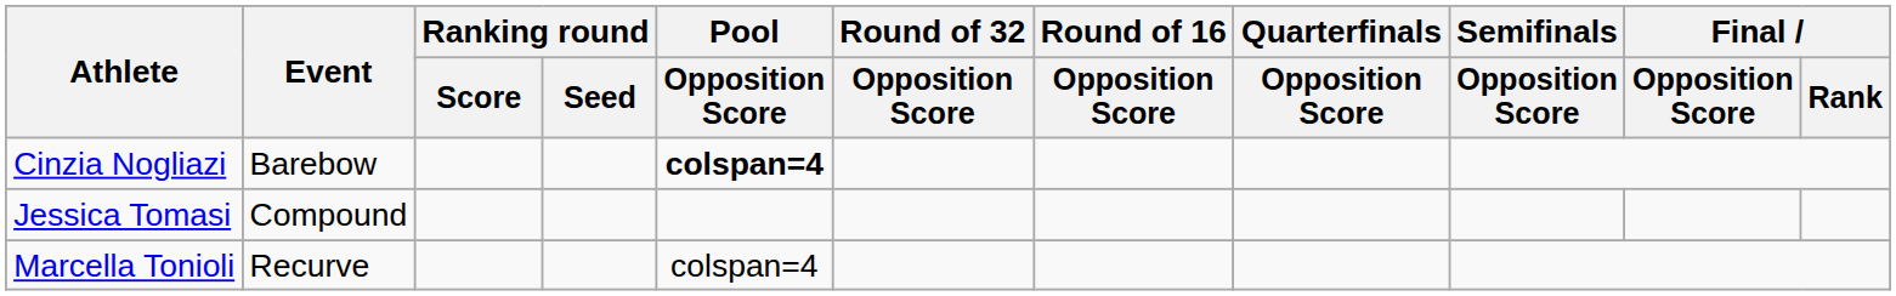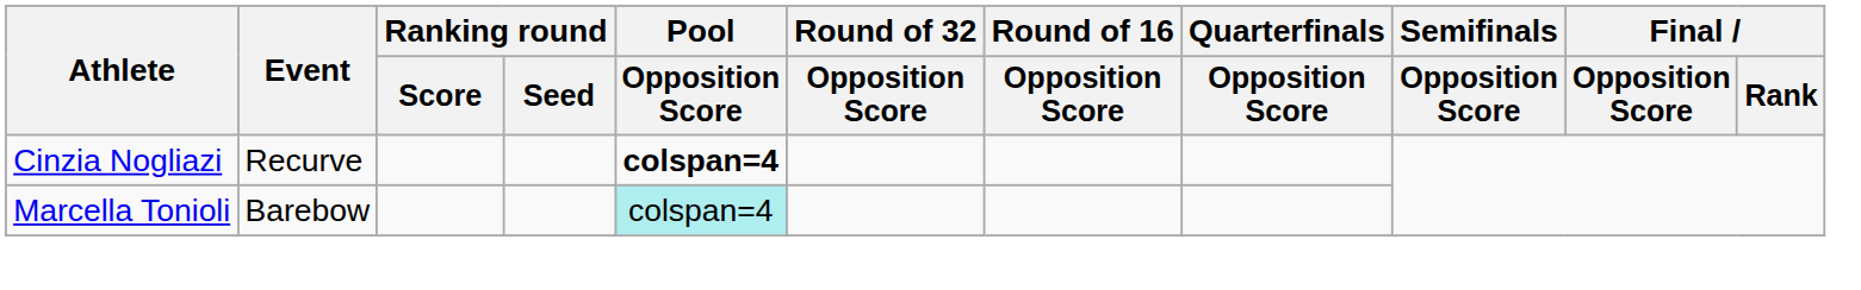 <table class=wikitable style="font-size:90%">
 <tr>
 <th rowspan="2">Athlete</th>
 <th rowspan="2">Event</th>
 <th colspan="2">Ranking round</th>
 <th>Pool</th>
 <th>Round of 32</th>
 <th>Round of 16</th>
 <th>Quarterfinals</th>
 <th>Semifinals</th>
 <th colspan="2">Final / </th>
 </tr>
 <tr style="font-size:95%">
 <th>Score</th>
 <th>Seed</th>
 <th>Opposition<br>Score</th>
 <th>Opposition<br>Score</th>
 <th>Opposition<br>Score</th>
 <th>Opposition<br>Score</th>
 <th>Opposition<br>Score</th>
 <th>Opposition<br>Score</th>
 <th>Rank</th>
 </tr>
 <tr align=center>
 <td align=left><a href='#'>Cinzia Nogliazi</a></td>
-<td align=left>Barebow</td>
+<td align=left>Recurve</td>
 <td></td>
 <td></td>
 <td><strong>colspan=4 </strong></td>
 <td></td>
 <td></td>
 <td></td>
 </tr>
 <tr align=center>
-<td align=left><a href='#'>Jessica Tomasi</a></td>
-<td align=left>Compound</td>
+<td align=left><a href='#'>Marcella Tonioli</a></td>
+<td align=left>Barebow</td>
 <td></td>
 <td></td>
-<td></td>
-<td></td>
-<td></td>
-<td></td>
-<td></td>
-<td></td>
-<td></td>
-</tr>
-<tr align=center>
-<td align=left><a href='#'>Marcella Tonioli</a></td>
-<td align=left>Recurve</td>
-<td></td>
-<td></td>
-<td>colspan=4 </td>
+<td style="background: paleturquoise;">colspan=4 </td>
 <td></td>
 <td></td>
 <td></td>
 </tr>
 </table>
